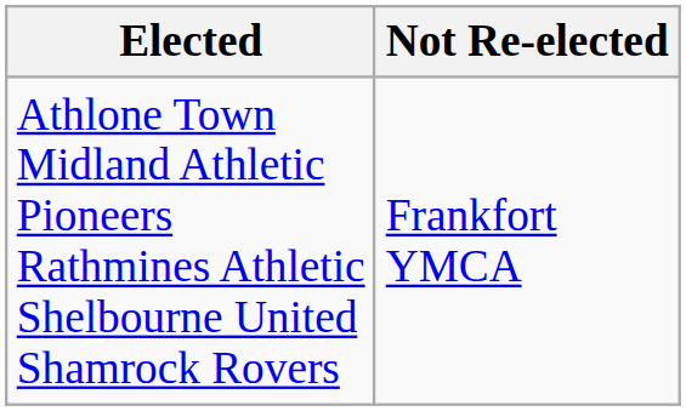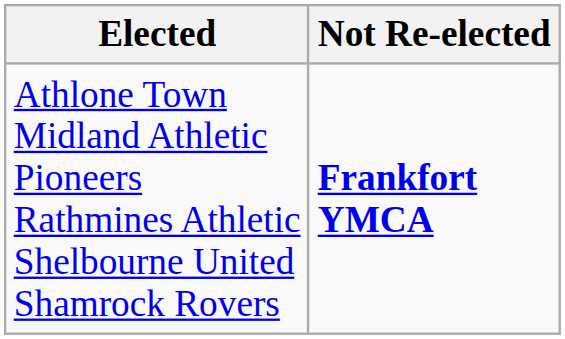 <table class="wikitable">
 <tr>
 <th>Elected</th>
 <th>Not Re-elected</th>
 </tr>
 <tr>
 <td><a href='#'>Athlone Town</a><br><a href='#'>Midland Athletic</a><br><a href='#'>Pioneers</a><br><a href='#'>Rathmines Athletic</a><br><a href='#'>Shelbourne United</a><br><a href='#'>Shamrock Rovers</a></td>
-<td><a href='#'>Frankfort</a><br><a href='#'>YMCA</a></td>
+<td><strong><a href='#'>Frankfort</a><br><a href='#'>YMCA</a></strong></td>
 </tr>
 </table>
